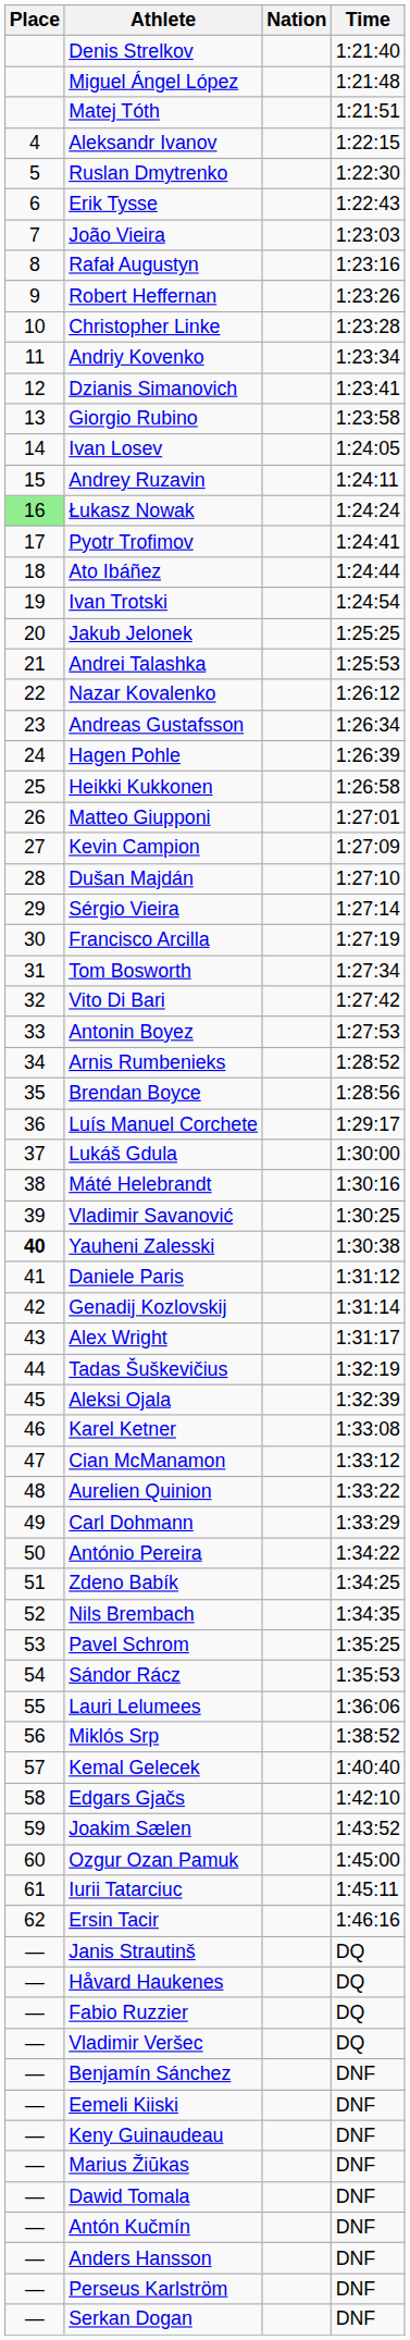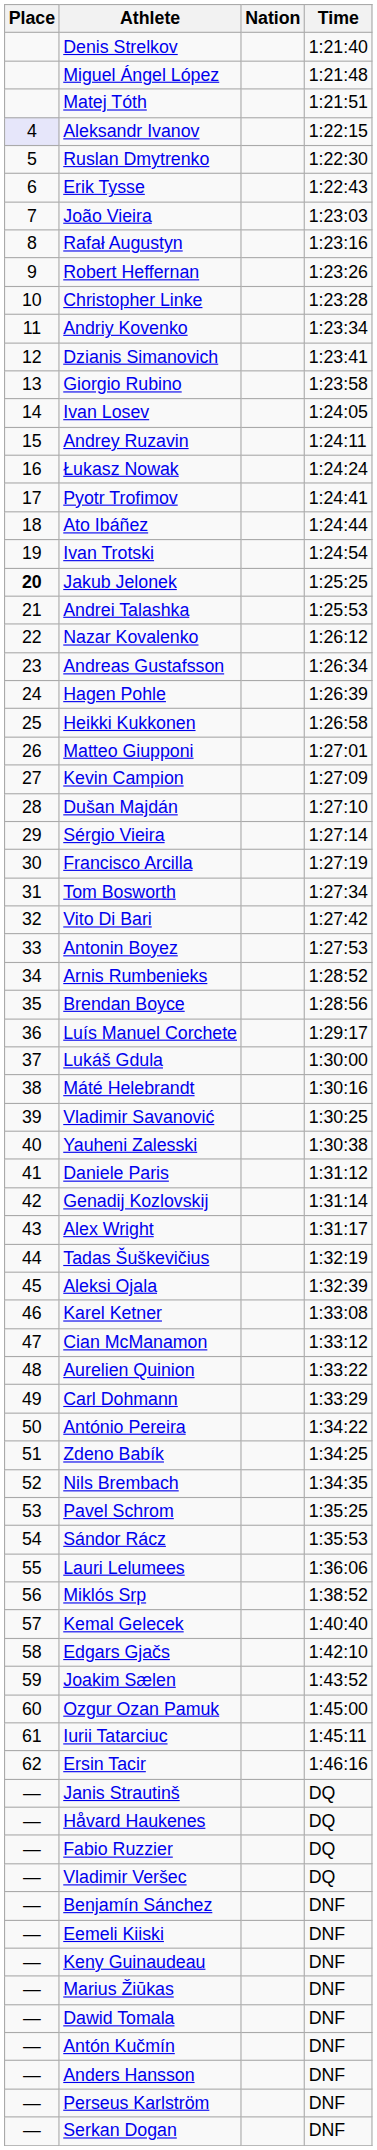 <table class=wikitable>
 <tr>
 <th>Place</th>
 <th>Athlete</th>
 <th>Nation</th>
 <th>Time</th>
 </tr>
 <tr>
 <td align=center></td>
 <td><a href='#'>Denis Strelkov</a></td>
 <td></td>
 <td>1:21:40</td>
 </tr>
 <tr>
 <td align=center></td>
 <td><a href='#'>Miguel Ángel López</a></td>
 <td></td>
 <td>1:21:48</td>
 </tr>
 <tr>
 <td align=center></td>
 <td><a href='#'>Matej Tóth</a></td>
 <td></td>
 <td>1:21:51</td>
 </tr>
 <tr>
-<td align=center>4</td>
+<td align=center style="background: lavender;">4</td>
 <td><a href='#'>Aleksandr Ivanov</a></td>
 <td></td>
 <td>1:22:15</td>
 </tr>
 <tr>
 <td align=center>5</td>
 <td><a href='#'>Ruslan Dmytrenko</a></td>
 <td></td>
 <td>1:22:30</td>
 </tr>
 <tr>
 <td align=center>6</td>
 <td><a href='#'>Erik Tysse</a></td>
 <td></td>
 <td>1:22:43</td>
 </tr>
 <tr>
 <td align=center>7</td>
 <td><a href='#'>João Vieira</a></td>
 <td></td>
 <td>1:23:03</td>
 </tr>
 <tr>
 <td align=center>8</td>
 <td><a href='#'>Rafał Augustyn</a></td>
 <td></td>
 <td>1:23:16</td>
 </tr>
 <tr>
 <td align=center>9</td>
 <td><a href='#'>Robert Heffernan</a></td>
 <td></td>
 <td>1:23:26</td>
 </tr>
 <tr>
 <td align=center>10</td>
 <td><a href='#'>Christopher Linke</a></td>
 <td></td>
 <td>1:23:28</td>
 </tr>
 <tr>
 <td align=center>11</td>
 <td><a href='#'>Andriy Kovenko</a></td>
 <td></td>
 <td>1:23:34</td>
 </tr>
 <tr>
 <td align=center>12</td>
 <td><a href='#'>Dzianis Simanovich</a></td>
 <td></td>
 <td>1:23:41</td>
 </tr>
 <tr>
 <td align=center>13</td>
 <td><a href='#'>Giorgio Rubino</a></td>
 <td></td>
 <td>1:23:58</td>
 </tr>
 <tr>
 <td align=center>14</td>
 <td><a href='#'>Ivan Losev</a></td>
 <td></td>
 <td>1:24:05</td>
 </tr>
 <tr>
 <td align=center>15</td>
 <td><a href='#'>Andrey Ruzavin</a></td>
 <td></td>
 <td>1:24:11</td>
 </tr>
 <tr>
-<td align=center style="background: lightgreen;">16</td>
+<td align=center>16</td>
 <td><a href='#'>Łukasz Nowak</a></td>
 <td></td>
 <td>1:24:24</td>
 </tr>
 <tr>
 <td align=center>17</td>
 <td><a href='#'>Pyotr Trofimov</a></td>
 <td></td>
 <td>1:24:41</td>
 </tr>
 <tr>
 <td align=center>18</td>
 <td><a href='#'>Ato Ibáñez</a></td>
 <td></td>
 <td>1:24:44</td>
 </tr>
 <tr>
 <td align=center>19</td>
 <td><a href='#'>Ivan Trotski</a></td>
 <td></td>
 <td>1:24:54</td>
 </tr>
 <tr>
-<td align=center>20</td>
+<td align=center><strong>20</strong></td>
 <td><a href='#'>Jakub Jelonek</a></td>
 <td></td>
 <td>1:25:25</td>
 </tr>
 <tr>
 <td align=center>21</td>
 <td><a href='#'>Andrei Talashka</a></td>
 <td></td>
 <td>1:25:53</td>
 </tr>
 <tr>
 <td align=center>22</td>
 <td><a href='#'>Nazar Kovalenko</a></td>
 <td></td>
 <td>1:26:12</td>
 </tr>
 <tr>
 <td align=center>23</td>
 <td><a href='#'>Andreas Gustafsson</a></td>
 <td></td>
 <td>1:26:34</td>
 </tr>
 <tr>
 <td align=center>24</td>
 <td><a href='#'>Hagen Pohle</a></td>
 <td></td>
 <td>1:26:39</td>
 </tr>
 <tr>
 <td align=center>25</td>
 <td><a href='#'>Heikki Kukkonen</a></td>
 <td></td>
 <td>1:26:58</td>
 </tr>
 <tr>
 <td align=center>26</td>
 <td><a href='#'>Matteo Giupponi</a></td>
 <td></td>
 <td>1:27:01</td>
 </tr>
 <tr>
 <td align=center>27</td>
 <td><a href='#'>Kevin Campion</a></td>
 <td></td>
 <td>1:27:09</td>
 </tr>
 <tr>
 <td align=center>28</td>
 <td><a href='#'>Dušan Majdán</a></td>
 <td></td>
 <td>1:27:10</td>
 </tr>
 <tr>
 <td align=center>29</td>
 <td><a href='#'>Sérgio Vieira</a></td>
 <td></td>
 <td>1:27:14</td>
 </tr>
 <tr>
 <td align=center>30</td>
 <td><a href='#'>Francisco Arcilla</a></td>
 <td></td>
 <td>1:27:19</td>
 </tr>
 <tr>
 <td align=center>31</td>
 <td><a href='#'>Tom Bosworth</a></td>
 <td></td>
 <td>1:27:34</td>
 </tr>
 <tr>
 <td align=center>32</td>
 <td><a href='#'>Vito Di Bari</a></td>
 <td></td>
 <td>1:27:42</td>
 </tr>
 <tr>
 <td align=center>33</td>
 <td><a href='#'>Antonin Boyez</a></td>
 <td></td>
 <td>1:27:53</td>
 </tr>
 <tr>
 <td align=center>34</td>
 <td><a href='#'>Arnis Rumbenieks</a></td>
 <td></td>
 <td>1:28:52</td>
 </tr>
 <tr>
 <td align=center>35</td>
 <td><a href='#'>Brendan Boyce</a></td>
 <td></td>
 <td>1:28:56</td>
 </tr>
 <tr>
 <td align=center>36</td>
 <td><a href='#'>Luís Manuel Corchete</a></td>
 <td></td>
 <td>1:29:17</td>
 </tr>
 <tr>
 <td align=center>37</td>
 <td><a href='#'>Lukáš Gdula</a></td>
 <td></td>
 <td>1:30:00</td>
 </tr>
 <tr>
 <td align=center>38</td>
 <td><a href='#'>Máté Helebrandt</a></td>
 <td></td>
 <td>1:30:16</td>
 </tr>
 <tr>
 <td align=center>39</td>
 <td><a href='#'>Vladimir Savanović</a></td>
 <td></td>
 <td>1:30:25</td>
 </tr>
 <tr>
-<td align=center><strong>40</strong></td>
+<td align=center>40</td>
 <td><a href='#'>Yauheni Zalesski</a></td>
 <td></td>
 <td>1:30:38</td>
 </tr>
 <tr>
 <td align=center>41</td>
 <td><a href='#'>Daniele Paris</a></td>
 <td></td>
 <td>1:31:12</td>
 </tr>
 <tr>
 <td align=center>42</td>
 <td><a href='#'>Genadij Kozlovskij</a></td>
 <td></td>
 <td>1:31:14</td>
 </tr>
 <tr>
 <td align=center>43</td>
 <td><a href='#'>Alex Wright</a></td>
 <td></td>
 <td>1:31:17</td>
 </tr>
 <tr>
 <td align=center>44</td>
 <td><a href='#'>Tadas Šuškevičius</a></td>
 <td></td>
 <td>1:32:19</td>
 </tr>
 <tr>
 <td align=center>45</td>
 <td><a href='#'>Aleksi Ojala</a></td>
 <td></td>
 <td>1:32:39</td>
 </tr>
 <tr>
 <td align=center>46</td>
 <td><a href='#'>Karel Ketner</a></td>
 <td></td>
 <td>1:33:08</td>
 </tr>
 <tr>
 <td align=center>47</td>
 <td><a href='#'>Cian McManamon</a></td>
 <td></td>
 <td>1:33:12</td>
 </tr>
 <tr>
 <td align=center>48</td>
 <td><a href='#'>Aurelien Quinion</a></td>
 <td></td>
 <td>1:33:22</td>
 </tr>
 <tr>
 <td align=center>49</td>
 <td><a href='#'>Carl Dohmann</a></td>
 <td></td>
 <td>1:33:29</td>
 </tr>
 <tr>
 <td align=center>50</td>
 <td><a href='#'>António Pereira</a></td>
 <td></td>
 <td>1:34:22</td>
 </tr>
 <tr>
 <td align=center>51</td>
 <td><a href='#'>Zdeno Babík</a></td>
 <td></td>
 <td>1:34:25</td>
 </tr>
 <tr>
 <td align=center>52</td>
 <td><a href='#'>Nils Brembach</a></td>
 <td></td>
 <td>1:34:35</td>
 </tr>
 <tr>
 <td align=center>53</td>
 <td><a href='#'>Pavel Schrom</a></td>
 <td></td>
 <td>1:35:25</td>
 </tr>
 <tr>
 <td align=center>54</td>
 <td><a href='#'>Sándor Rácz</a></td>
 <td></td>
 <td>1:35:53</td>
 </tr>
 <tr>
 <td align=center>55</td>
 <td><a href='#'>Lauri Lelumees</a></td>
 <td></td>
 <td>1:36:06</td>
 </tr>
 <tr>
 <td align=center>56</td>
 <td><a href='#'>Miklós Srp</a></td>
 <td></td>
 <td>1:38:52</td>
 </tr>
 <tr>
 <td align=center>57</td>
 <td><a href='#'>Kemal Gelecek</a></td>
 <td></td>
 <td>1:40:40</td>
 </tr>
 <tr>
 <td align=center>58</td>
 <td><a href='#'>Edgars Gjačs</a></td>
 <td></td>
 <td>1:42:10</td>
 </tr>
 <tr>
 <td align=center>59</td>
 <td><a href='#'>Joakim Sælen</a></td>
 <td></td>
 <td>1:43:52</td>
 </tr>
 <tr>
 <td align=center>60</td>
 <td><a href='#'>Ozgur Ozan Pamuk</a></td>
 <td></td>
 <td>1:45:00</td>
 </tr>
 <tr>
 <td align=center>61</td>
 <td><a href='#'>Iurii Tatarciuc</a></td>
 <td></td>
 <td>1:45:11</td>
 </tr>
 <tr>
 <td align=center>62</td>
 <td><a href='#'>Ersin Tacir</a></td>
 <td></td>
 <td>1:46:16</td>
 </tr>
 <tr>
 <td align=center>—</td>
 <td><a href='#'>Janis Strautinš</a></td>
 <td></td>
 <td>DQ</td>
 </tr>
 <tr>
 <td align=center>—</td>
 <td><a href='#'>Håvard Haukenes</a></td>
 <td></td>
 <td>DQ</td>
 </tr>
 <tr>
 <td align=center>—</td>
 <td><a href='#'>Fabio Ruzzier</a></td>
 <td></td>
 <td>DQ</td>
 </tr>
 <tr>
 <td align=center>—</td>
 <td><a href='#'>Vladimir Veršec</a></td>
 <td></td>
 <td>DQ</td>
 </tr>
 <tr>
 <td align=center>—</td>
 <td><a href='#'>Benjamín Sánchez</a></td>
 <td></td>
 <td>DNF</td>
 </tr>
 <tr>
 <td align=center>—</td>
 <td><a href='#'>Eemeli Kiiski</a></td>
 <td></td>
 <td>DNF</td>
 </tr>
 <tr>
 <td align=center>—</td>
 <td><a href='#'>Keny Guinaudeau</a></td>
 <td></td>
 <td>DNF</td>
 </tr>
 <tr>
 <td align=center>—</td>
 <td><a href='#'>Marius Žiūkas</a></td>
 <td></td>
 <td>DNF</td>
 </tr>
 <tr>
 <td align=center>—</td>
 <td><a href='#'>Dawid Tomala</a></td>
 <td></td>
 <td>DNF</td>
 </tr>
 <tr>
 <td align=center>—</td>
 <td><a href='#'>Antón Kučmín</a></td>
 <td></td>
 <td>DNF</td>
 </tr>
 <tr>
 <td align=center>—</td>
 <td><a href='#'>Anders Hansson</a></td>
 <td></td>
 <td>DNF</td>
 </tr>
 <tr>
 <td align=center>—</td>
 <td><a href='#'>Perseus Karlström</a></td>
 <td></td>
 <td>DNF</td>
 </tr>
 <tr>
 <td align=center>—</td>
 <td><a href='#'>Serkan Dogan</a></td>
 <td></td>
 <td>DNF</td>
 </tr>
 </table>
